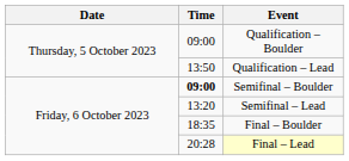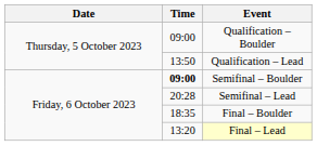 <table class = "wikitable" style="text-align:center;">
 <tr>
 <th width=220>Date</th>
 <th width=50>Time</th>
 <th width=150>Event</th>
 </tr>
 <tr>
 <td rowspan=2>Thursday, 5 October 2023</td>
 <td>09:00</td>
 <td>Qualification – Boulder</td>
 </tr>
 <tr>
 <td>13:50</td>
 <td>Qualification – Lead</td>
 </tr>
 <tr>
 <td rowspan=4>Friday, 6 October 2023</td>
 <td><strong>09:00</strong></td>
 <td>Semifinal – Boulder</td>
 </tr>
 <tr>
-<td>13:20</td>
+<td>20:28</td>
 <td>Semifinal – Lead</td>
 </tr>
 <tr>
 <td>18:35</td>
 <td>Final – Boulder</td>
 </tr>
 <tr>
-<td>20:28</td>
+<td>13:20</td>
 <td bgcolor=ffffcc>Final – Lead</td>
 </tr>
 </table>
